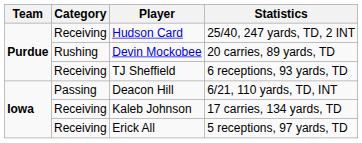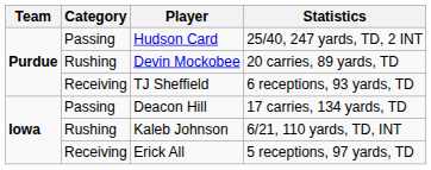 <table class="wikitable" style="float: left;">
 <tr>
 <th>Team</th>
 <th>Category</th>
 <th>Player</th>
 <th>Statistics</th>
 </tr>
 <tr>
 <td rowspan=3><strong>Purdue</strong></td>
-<td>Receiving</td>
+<td>Passing</td>
 <td><a href='#'>Hudson Card</a></td>
 <td>25/40, 247 yards, TD, 2 INT</td>
 </tr>
 <tr>
 <td>Rushing</td>
 <td><a href='#'>Devin Mockobee</a></td>
 <td>20 carries, 89 yards, TD</td>
 </tr>
 <tr>
 <td>Receiving</td>
 <td>TJ Sheffield</td>
 <td>6 receptions, 93 yards, TD</td>
 </tr>
 <tr>
 <td rowspan=3><strong>Iowa</strong></td>
 <td>Passing</td>
 <td>Deacon Hill</td>
-<td>6/21, 110 yards, TD, INT</td>
+<td>17 carries, 134 yards, TD</td>
 </tr>
 <tr>
-<td>Receiving</td>
+<td>Rushing</td>
 <td>Kaleb Johnson</td>
-<td>17 carries, 134 yards, TD</td>
+<td>6/21, 110 yards, TD, INT</td>
 </tr>
 <tr>
 <td>Receiving</td>
 <td>Erick All</td>
 <td>5 receptions, 97 yards, TD</td>
 </tr>
 </table>
